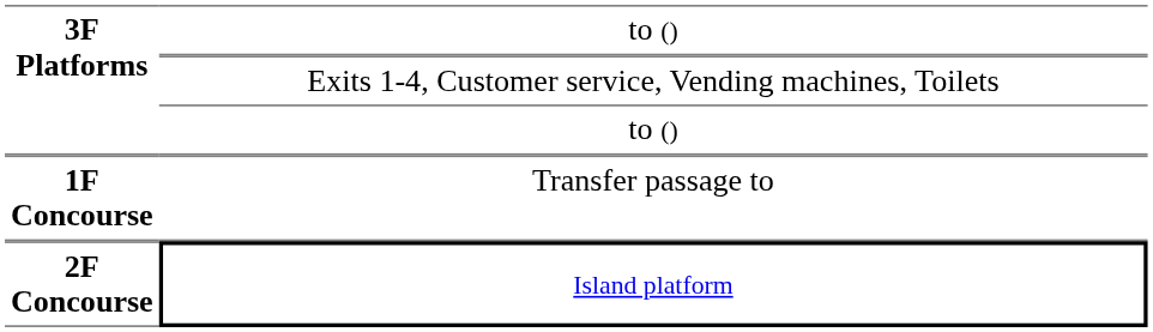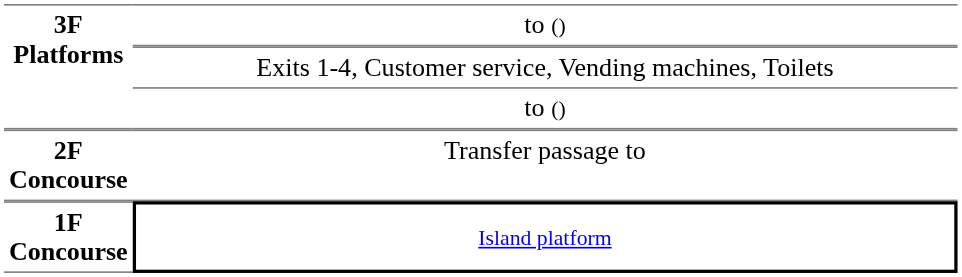 <table table border=0 cellspacing=0 cellpadding=3>
 <tr>
 <td style="border-bottom:solid 1px gray;border-top:solid 1px gray;text-align:center" rowspan="3" valign=top width=50><strong>3F<br>Platforms</strong></td>
 <td style="border-bottom:solid 1px gray;border-top:solid 1px gray;text-align:center;">  to  <small>()</small></td>
 </tr>
 <tr>
 <td style="border-bottom:solid 1px gray; border-top:solid 1px gray;text-align:center" valign=top width=500>Exits 1-4, Customer service, Vending machines, Toilets</td>
 </tr>
 <tr>
 <td style="border-bottom:solid 1px gray;text-align:center;"> to  <small>()</small> </td>
 </tr>
 <tr>
-<td style="border-bottom:solid 1px gray; border-top:solid 1px gray;text-align:center" valign=top><strong>1F<br>Concourse</strong></td>
+<td style="border-bottom:solid 1px gray; border-top:solid 1px gray;text-align:center" valign=top><strong>2F<br>Concourse</strong></td>
 <td style="border-bottom:solid 1px gray; border-top:solid 1px gray;text-align:center" valign=top width=500>Transfer passage to </td>
 </tr>
 <tr>
-<td style="border-bottom:solid 1px gray; border-top:solid 1px gray;text-align:center" valign=top><strong>2F<br>Concourse</strong></td>
+<td style="border-bottom:solid 1px gray; border-top:solid 1px gray;text-align:center" valign=top><strong>1F<br>Concourse</strong></td>
 <td style="border-right:solid 2px black;border-left:solid 2px black;border-top:solid 2px black;border-bottom:solid 2px black;text-align:center;"><small><a href='#'>Island platform</a></small></td>
 </tr>
 </table>
